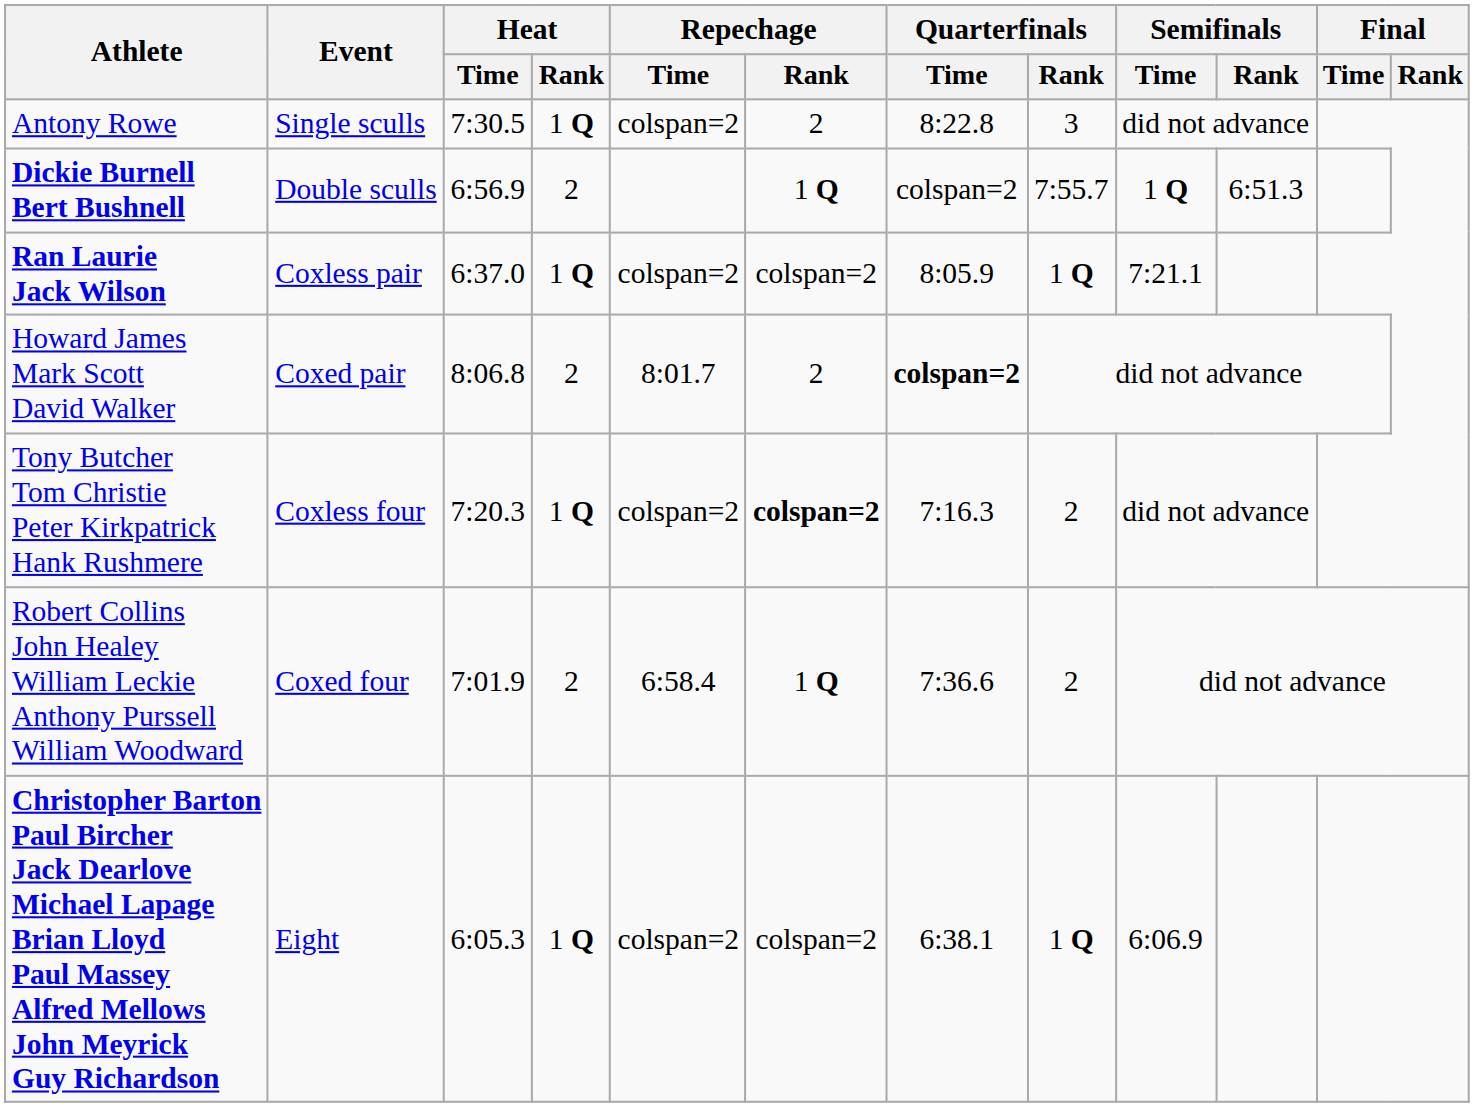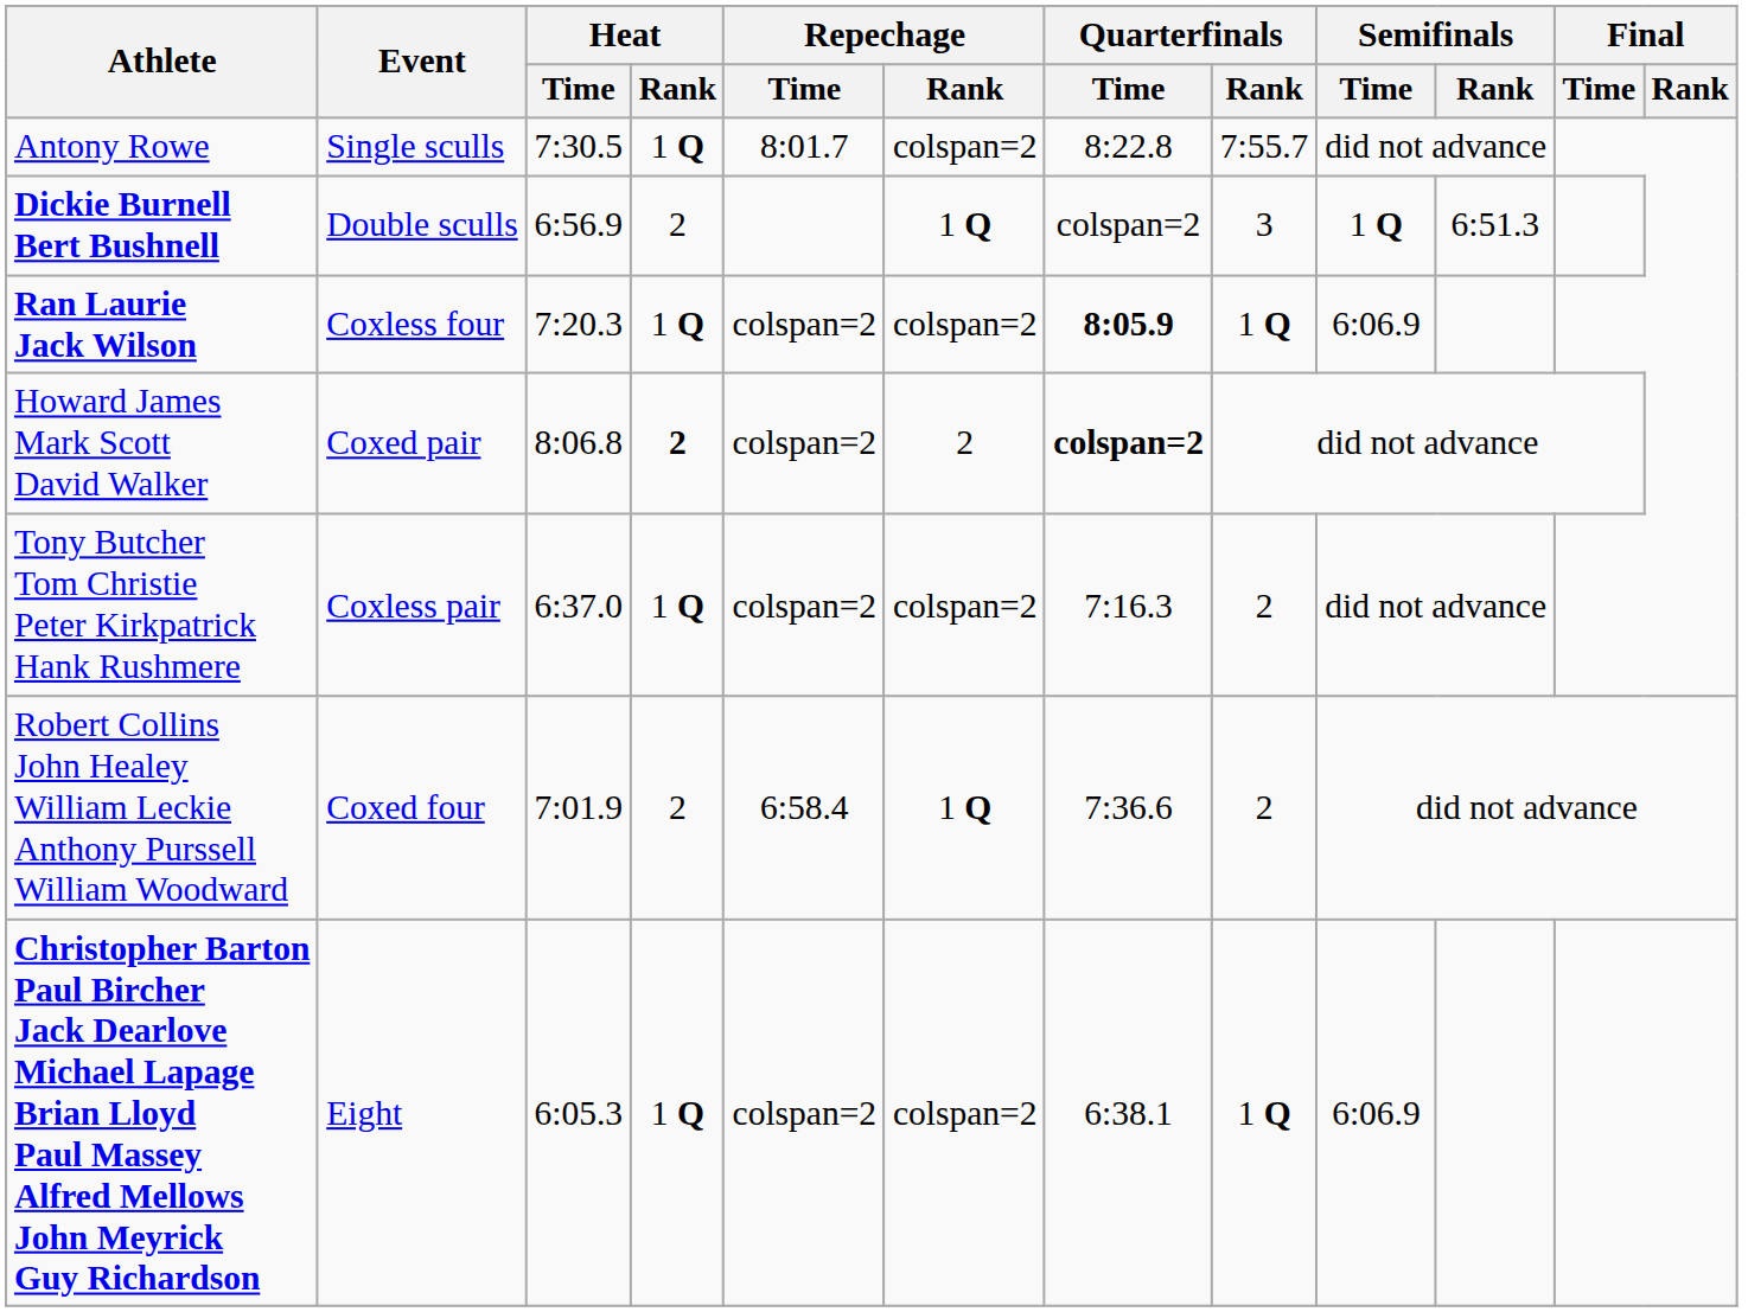 <table class=wikitable style=font-size:90%;text-align:center>
 <tr>
 <th rowspan=2>Athlete</th>
 <th rowspan=2>Event</th>
 <th colspan=2>Heat</th>
 <th colspan=2>Repechage</th>
 <th colspan=2>Quarterfinals</th>
 <th colspan=2>Semifinals</th>
 <th colspan=2>Final</th>
 </tr>
 <tr style=font-size:95%>
 <th>Time</th>
 <th>Rank</th>
 <th>Time</th>
 <th>Rank</th>
 <th>Time</th>
 <th>Rank</th>
 <th>Time</th>
 <th>Rank</th>
 <th>Time</th>
 <th>Rank</th>
 </tr>
 <tr>
 <td align=left><a href='#'>Antony Rowe</a></td>
 <td align=left><a href='#'>Single sculls</a></td>
 <td>7:30.5</td>
 <td>1 <strong>Q</strong></td>
+<td>8:01.7</td>
 <td>colspan=2 </td>
-<td>2</td>
 <td>8:22.8</td>
-<td>3</td>
+<td>7:55.7</td>
 <td colspan=2>did not advance</td>
 </tr>
 <tr>
 <td align=left><strong><a href='#'>Dickie Burnell</a><br><a href='#'>Bert Bushnell</a></strong></td>
 <td align=left><a href='#'>Double sculls</a></td>
 <td>6:56.9</td>
 <td>2</td>
 <td></td>
 <td>1 <strong>Q</strong></td>
 <td>colspan=2 </td>
-<td>7:55.7</td>
+<td>3</td>
 <td>1 <strong>Q</strong></td>
 <td>6:51.3</td>
 <td></td>
 </tr>
 <tr>
 <td align=left><strong><a href='#'>Ran Laurie</a><br><a href='#'>Jack Wilson</a></strong></td>
-<td align=left><a href='#'>Coxless pair</a></td>
-<td>6:37.0</td>
+<td align=left><a href='#'>Coxless four</a></td>
+<td>7:20.3</td>
 <td>1 <strong>Q</strong></td>
 <td>colspan=2 </td>
 <td>colspan=2 </td>
-<td>8:05.9</td>
+<td><strong>8:05.9</strong></td>
 <td>1 <strong>Q</strong></td>
-<td>7:21.1</td>
+<td>6:06.9</td>
 <td></td>
 </tr>
 <tr>
 <td align=left><a href='#'>Howard James</a><br><a href='#'>Mark Scott</a><br><a href='#'>David Walker</a></td>
 <td align=left><a href='#'>Coxed pair</a></td>
 <td>8:06.8</td>
-<td>2</td>
-<td>8:01.7</td>
+<td><strong>2</strong></td>
+<td>colspan=2 </td>
 <td>2</td>
 <td><strong>colspan=2 </strong></td>
 <td colspan=4>did not advance</td>
 </tr>
 <tr>
 <td align=left><a href='#'>Tony Butcher</a><br><a href='#'>Tom Christie</a><br><a href='#'>Peter Kirkpatrick</a><br><a href='#'>Hank Rushmere</a></td>
-<td align=left><a href='#'>Coxless four</a></td>
-<td>7:20.3</td>
+<td align=left><a href='#'>Coxless pair</a></td>
+<td>6:37.0</td>
 <td>1 <strong>Q</strong></td>
 <td>colspan=2 </td>
-<td><strong>colspan=2 </strong></td>
+<td>colspan=2 </td>
 <td>7:16.3</td>
 <td>2</td>
 <td colspan=2>did not advance</td>
 </tr>
 <tr>
 <td align=left><a href='#'>Robert Collins</a><br><a href='#'>John Healey</a><br><a href='#'>William Leckie</a><br><a href='#'>Anthony Purssell</a><br><a href='#'>William Woodward</a></td>
 <td align=left><a href='#'>Coxed four</a></td>
 <td>7:01.9</td>
 <td>2</td>
 <td>6:58.4</td>
 <td>1 <strong>Q</strong></td>
 <td>7:36.6</td>
 <td>2</td>
 <td colspan=4>did not advance</td>
 </tr>
 <tr>
 <td align=left><strong><a href='#'>Christopher Barton</a><br><a href='#'>Paul Bircher</a><br><a href='#'>Jack Dearlove</a><br><a href='#'>Michael Lapage</a><br><a href='#'>Brian Lloyd</a><br><a href='#'>Paul Massey</a><br><a href='#'>Alfred Mellows</a><br><a href='#'>John Meyrick</a><br><a href='#'>Guy Richardson</a></strong></td>
 <td align=left><a href='#'>Eight</a></td>
 <td>6:05.3</td>
 <td>1 <strong>Q</strong></td>
 <td>colspan=2 </td>
 <td>colspan=2 </td>
 <td>6:38.1</td>
 <td>1 <strong>Q</strong></td>
 <td>6:06.9</td>
 <td></td>
 </tr>
 </table>
